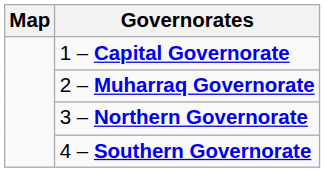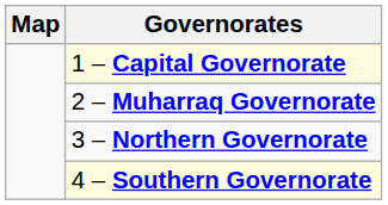 <table class="wikitable">
 <tr>
 <th>Map</th>
 <th>Governorates</th>
 </tr>
 <tr>
 <td rowspan="4"></td>
-<td><span> 1</span> – <strong><a href='#'>Capital Governorate</a></strong></td>
+<td style="background: lightyellow;"><span> 1</span> – <strong><a href='#'>Capital Governorate</a></strong></td>
 </tr>
 <tr>
 <td><span> 2</span> – <strong><a href='#'>Muharraq Governorate</a></strong></td>
 </tr>
 <tr>
 <td><span> 3</span> – <strong><a href='#'>Northern Governorate</a></strong></td>
 </tr>
 <tr>
-<td><span> 4</span> – <strong><a href='#'>Southern Governorate</a></strong></td>
+<td style="background: lightyellow;"><span> 4</span> – <strong><a href='#'>Southern Governorate</a></strong></td>
 </tr>
 </table>
